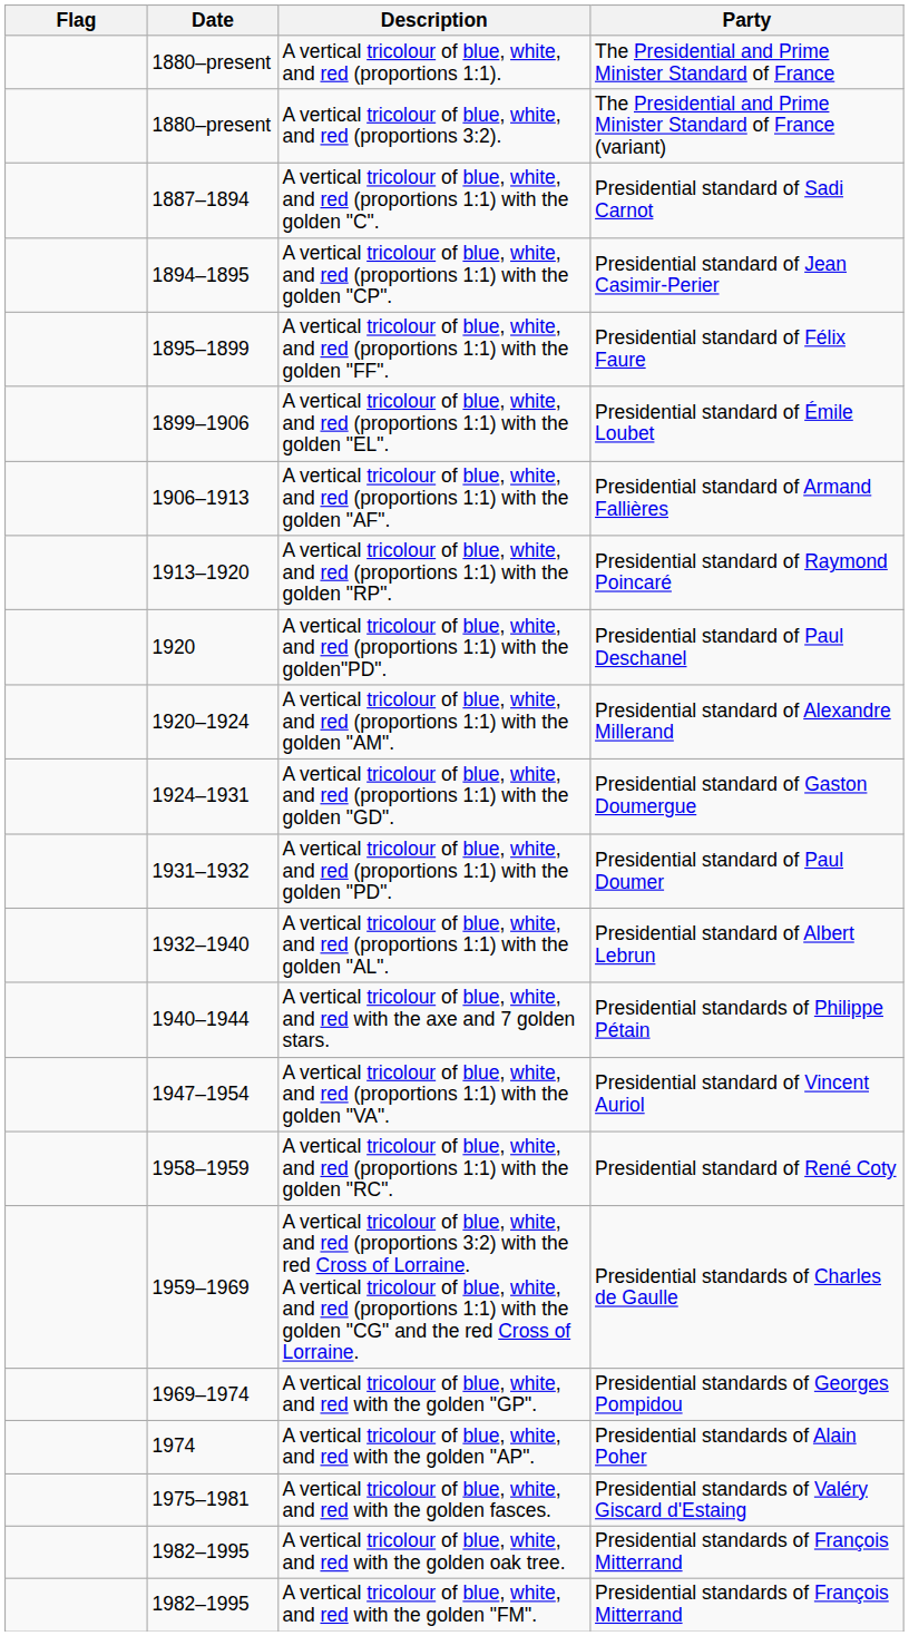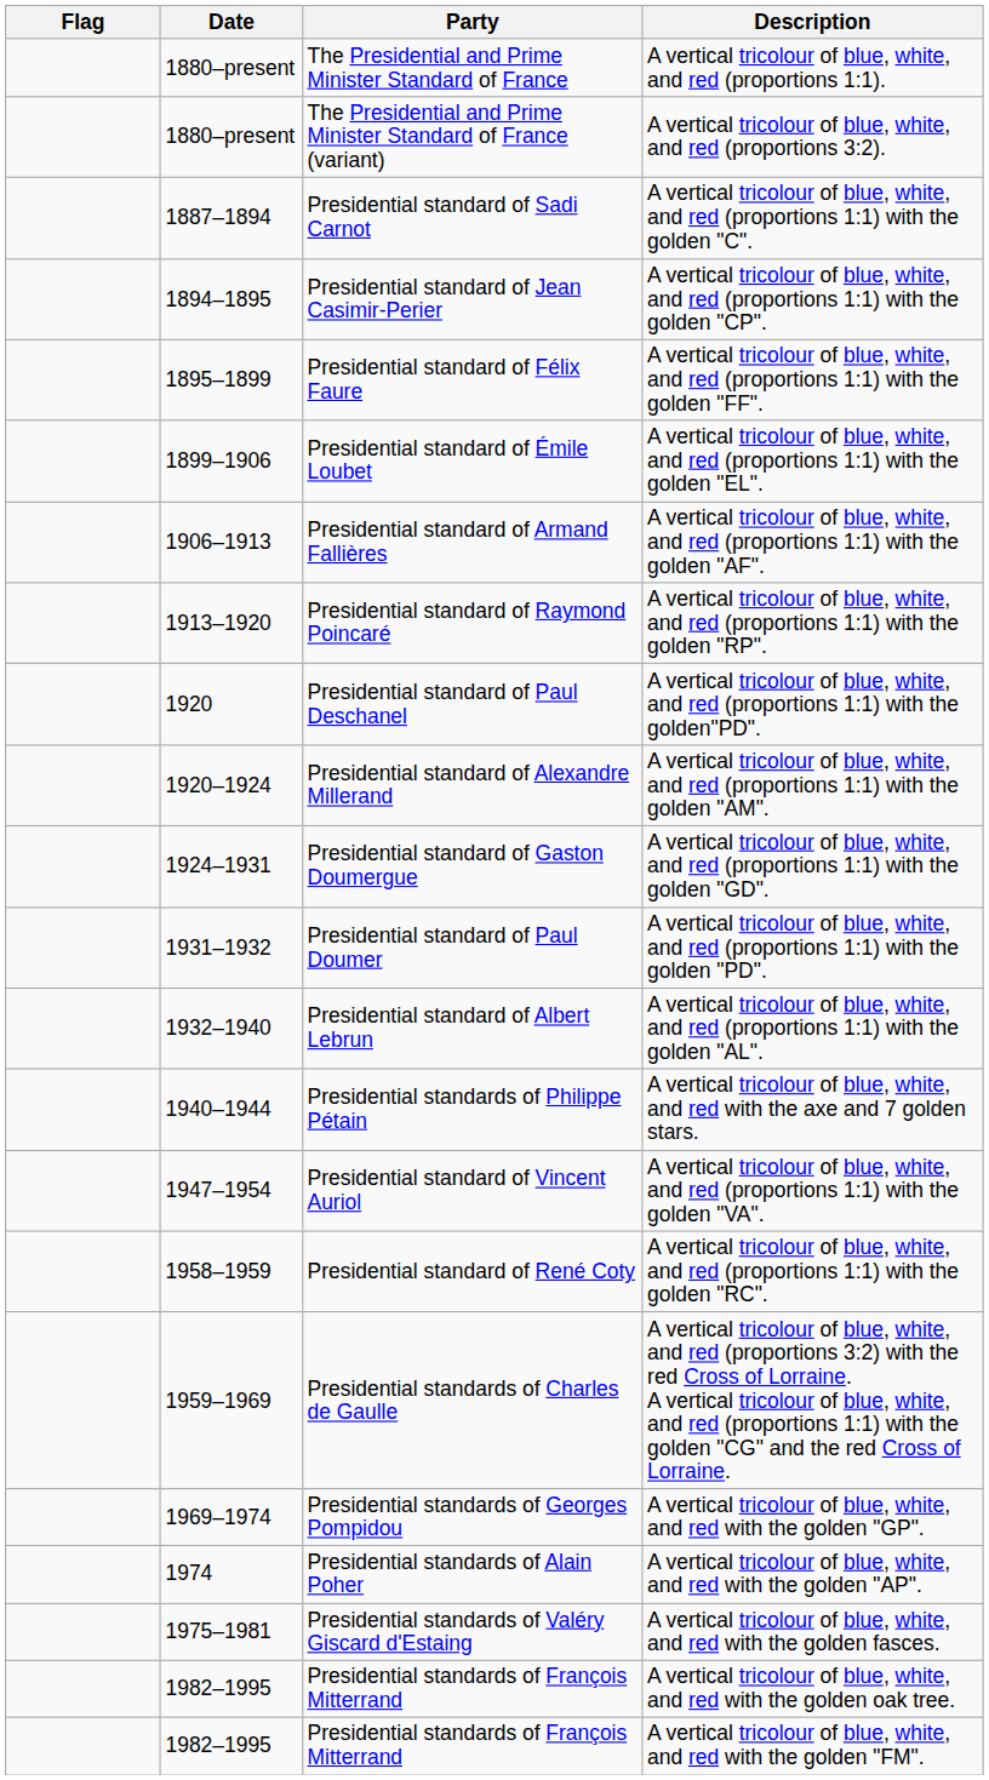 <table class="wikitable">
 <tr>
 <th style="width:110px;">Flag</th>
 <th style="width:100px;">Date</th>
+<th style="width:250px;">Party</th>
 <th style="width:250px;">Description</th>
-<th style="width:250px;">Party</th>
 </tr>
 <tr>
 <td></td>
 <td>1880–present</td>
+<td>The <a href='#'>Presidential and Prime Minister Standard</a> of <a href='#'>France</a></td>
 <td>A vertical <a href='#'>tricolour</a> of <a href='#'>blue</a>, <a href='#'>white</a>, and <a href='#'>red</a> (proportions 1:1).</td>
-<td>The <a href='#'>Presidential and Prime Minister Standard</a> of <a href='#'>France</a></td>
 </tr>
 <tr>
 <td></td>
 <td>1880–present</td>
+<td>The <a href='#'>Presidential and Prime Minister Standard</a> of <a href='#'>France</a> (variant)</td>
 <td>A vertical <a href='#'>tricolour</a> of <a href='#'>blue</a>, <a href='#'>white</a>, and <a href='#'>red</a> (proportions 3:2).</td>
-<td>The <a href='#'>Presidential and Prime Minister Standard</a> of <a href='#'>France</a> (variant)</td>
 </tr>
 <tr>
 <td></td>
 <td>1887–1894</td>
+<td>Presidential standard of <a href='#'>Sadi Carnot</a></td>
 <td>A vertical <a href='#'>tricolour</a> of <a href='#'>blue</a>, <a href='#'>white</a>, and <a href='#'>red</a> (proportions 1:1) with the golden "C".</td>
-<td>Presidential standard of <a href='#'>Sadi Carnot</a></td>
 </tr>
 <tr>
 <td></td>
 <td>1894–1895</td>
+<td>Presidential standard of <a href='#'>Jean Casimir-Perier</a></td>
 <td>A vertical <a href='#'>tricolour</a> of <a href='#'>blue</a>, <a href='#'>white</a>, and <a href='#'>red</a> (proportions 1:1) with the golden "CP".</td>
-<td>Presidential standard of <a href='#'>Jean Casimir-Perier</a></td>
 </tr>
 <tr>
 <td></td>
 <td>1895–1899</td>
+<td>Presidential standard of <a href='#'>Félix Faure</a></td>
 <td>A vertical <a href='#'>tricolour</a> of <a href='#'>blue</a>, <a href='#'>white</a>, and <a href='#'>red</a> (proportions 1:1) with the golden "FF".</td>
-<td>Presidential standard of <a href='#'>Félix Faure</a></td>
 </tr>
 <tr>
 <td></td>
 <td>1899–1906</td>
+<td>Presidential standard of <a href='#'>Émile Loubet</a></td>
 <td>A vertical <a href='#'>tricolour</a> of <a href='#'>blue</a>, <a href='#'>white</a>, and <a href='#'>red</a> (proportions 1:1) with the golden "EL".</td>
-<td>Presidential standard of <a href='#'>Émile Loubet</a></td>
 </tr>
 <tr>
 <td></td>
 <td>1906–1913</td>
+<td>Presidential standard of <a href='#'>Armand Fallières</a></td>
 <td>A vertical <a href='#'>tricolour</a> of <a href='#'>blue</a>, <a href='#'>white</a>, and <a href='#'>red</a> (proportions 1:1) with the golden "AF".</td>
-<td>Presidential standard of <a href='#'>Armand Fallières</a></td>
 </tr>
 <tr>
 <td></td>
 <td>1913–1920</td>
+<td>Presidential standard of <a href='#'>Raymond Poincaré</a></td>
 <td>A vertical <a href='#'>tricolour</a> of <a href='#'>blue</a>, <a href='#'>white</a>, and <a href='#'>red</a> (proportions 1:1) with the golden "RP".</td>
-<td>Presidential standard of <a href='#'>Raymond Poincaré</a></td>
 </tr>
 <tr>
 <td></td>
 <td>1920</td>
+<td>Presidential standard of <a href='#'>Paul Deschanel</a></td>
 <td>A vertical <a href='#'>tricolour</a> of <a href='#'>blue</a>, <a href='#'>white</a>, and <a href='#'>red</a> (proportions 1:1) with the golden"PD".</td>
-<td>Presidential standard of <a href='#'>Paul Deschanel</a></td>
 </tr>
 <tr>
 <td></td>
 <td>1920–1924</td>
+<td>Presidential standard of <a href='#'>Alexandre Millerand</a></td>
 <td>A vertical <a href='#'>tricolour</a> of <a href='#'>blue</a>, <a href='#'>white</a>, and <a href='#'>red</a> (proportions 1:1) with the golden "AM".</td>
-<td>Presidential standard of <a href='#'>Alexandre Millerand</a></td>
 </tr>
 <tr>
 <td></td>
 <td>1924–1931</td>
+<td>Presidential standard of <a href='#'>Gaston Doumergue</a></td>
 <td>A vertical <a href='#'>tricolour</a> of <a href='#'>blue</a>, <a href='#'>white</a>, and <a href='#'>red</a> (proportions 1:1) with the golden "GD".</td>
-<td>Presidential standard of <a href='#'>Gaston Doumergue</a></td>
 </tr>
 <tr>
 <td></td>
 <td>1931–1932</td>
+<td>Presidential standard of <a href='#'>Paul Doumer</a></td>
 <td>A vertical <a href='#'>tricolour</a> of <a href='#'>blue</a>, <a href='#'>white</a>, and <a href='#'>red</a> (proportions 1:1) with the golden "PD".</td>
-<td>Presidential standard of <a href='#'>Paul Doumer</a></td>
 </tr>
 <tr>
 <td></td>
 <td>1932–1940</td>
+<td>Presidential standard of <a href='#'>Albert Lebrun</a></td>
 <td>A vertical <a href='#'>tricolour</a> of <a href='#'>blue</a>, <a href='#'>white</a>, and <a href='#'>red</a> (proportions 1:1) with the golden "AL".</td>
-<td>Presidential standard of <a href='#'>Albert Lebrun</a></td>
 </tr>
 <tr>
 <td><br></td>
 <td>1940–1944</td>
+<td>Presidential standards of <a href='#'>Philippe Pétain</a></td>
 <td>A vertical <a href='#'>tricolour</a> of <a href='#'>blue</a>, <a href='#'>white</a>, and <a href='#'>red</a> with the axe and 7 golden stars.</td>
-<td>Presidential standards of <a href='#'>Philippe Pétain</a></td>
 </tr>
 <tr>
 <td></td>
 <td>1947–1954</td>
+<td>Presidential standard of <a href='#'>Vincent Auriol</a></td>
 <td>A vertical <a href='#'>tricolour</a> of <a href='#'>blue</a>, <a href='#'>white</a>, and <a href='#'>red</a> (proportions 1:1) with the golden "VA".</td>
-<td>Presidential standard of <a href='#'>Vincent Auriol</a></td>
 </tr>
 <tr>
 <td></td>
 <td>1958–1959</td>
+<td>Presidential standard of <a href='#'>René Coty</a></td>
 <td>A vertical <a href='#'>tricolour</a> of <a href='#'>blue</a>, <a href='#'>white</a>, and <a href='#'>red</a> (proportions 1:1) with the golden "RC".</td>
-<td>Presidential standard of <a href='#'>René Coty</a></td>
 </tr>
 <tr>
 <td><br></td>
 <td>1959–1969</td>
+<td>Presidential standards of <a href='#'>Charles de Gaulle</a></td>
 <td>A vertical <a href='#'>tricolour</a> of <a href='#'>blue</a>, <a href='#'>white</a>, and <a href='#'>red</a> (proportions 3:2) with the red <a href='#'>Cross of Lorraine</a>.<br>A vertical <a href='#'>tricolour</a> of <a href='#'>blue</a>, <a href='#'>white</a>, and <a href='#'>red</a> (proportions 1:1) with the golden "CG" and the red <a href='#'>Cross of Lorraine</a>.</td>
-<td>Presidential standards of <a href='#'>Charles de Gaulle</a></td>
 </tr>
 <tr>
 <td><br></td>
 <td>1969–1974</td>
+<td>Presidential standards of <a href='#'>Georges Pompidou</a></td>
 <td>A vertical <a href='#'>tricolour</a> of <a href='#'>blue</a>, <a href='#'>white</a>, and <a href='#'>red</a> with the golden "GP".</td>
-<td>Presidential standards of <a href='#'>Georges Pompidou</a></td>
 </tr>
 <tr>
 <td><br></td>
 <td>1974</td>
+<td>Presidential standards of <a href='#'>Alain Poher</a></td>
 <td>A vertical <a href='#'>tricolour</a> of <a href='#'>blue</a>, <a href='#'>white</a>, and <a href='#'>red</a> with the golden "AP".</td>
-<td>Presidential standards of <a href='#'>Alain Poher</a></td>
 </tr>
 <tr>
 <td><br></td>
 <td>1975–1981</td>
+<td>Presidential standards of <a href='#'>Valéry Giscard d'Estaing</a></td>
 <td>A vertical <a href='#'>tricolour</a> of <a href='#'>blue</a>, <a href='#'>white</a>, and <a href='#'>red</a> with the golden fasces.</td>
-<td>Presidential standards of <a href='#'>Valéry Giscard d'Estaing</a></td>
 </tr>
 <tr>
 <td><br></td>
 <td>1982–1995</td>
+<td>Presidential standards of <a href='#'>François Mitterrand</a></td>
 <td>A vertical <a href='#'>tricolour</a> of <a href='#'>blue</a>, <a href='#'>white</a>, and <a href='#'>red</a> with the golden oak tree.</td>
-<td>Presidential standards of <a href='#'>François Mitterrand</a></td>
 </tr>
 <tr>
 <td><br></td>
 <td>1982–1995</td>
+<td>Presidential standards of <a href='#'>François Mitterrand</a></td>
 <td>A vertical <a href='#'>tricolour</a> of <a href='#'>blue</a>, <a href='#'>white</a>, and <a href='#'>red</a> with the golden "FM".</td>
-<td>Presidential standards of <a href='#'>François Mitterrand</a></td>
 </tr>
 </table>
